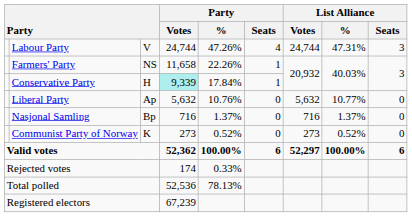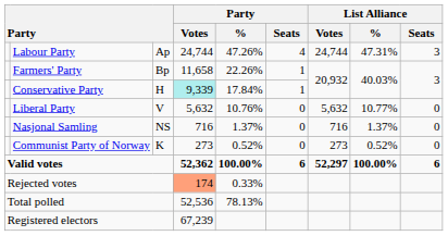 <table class="wikitable" border="1" style="text-align:right;">
 <tr>
 <th style="text-align:left;" valign=bottom rowspan=2 colspan=3>Party</th>
 <th colspan=3>Party</th>
 <th colspan=3>List Alliance</th>
 </tr>
 <tr>
 <th align=center valign=bottom width="50">Votes</th>
 <th align=center valign=bottom width="50">%</th>
 <th align=center valign=bottom width="50">Seats</th>
 <th align=center valign=bottom width="50">Votes</th>
 <th align=center valign=bottom width="50">%</th>
 <th align=center valign=bottom width="50">Seats</th>
 </tr>
 <tr>
 <td style="color:inherit;background:"></td>
 <td align=left><a href='#'>Labour Party</a></td>
-<td align=left>V</td>
+<td align=left>Ap</td>
 <td>24,744</td>
 <td>47.26%</td>
 <td>4</td>
 <td>24,744</td>
 <td>47.31%</td>
 <td>3</td>
 </tr>
 <tr>
 <td style="color:inherit;background:"></td>
 <td align=left><a href='#'>Farmers' Party</a></td>
-<td align=left>NS</td>
+<td align=left>Bp</td>
 <td>11,658</td>
 <td>22.26%</td>
 <td>1</td>
 <td rowspan=2>20,932</td>
 <td rowspan=2>40.03%</td>
 <td rowspan=2>3</td>
 </tr>
 <tr>
 <td style="color:inherit;background:"></td>
 <td align=left><a href='#'>Conservative Party</a></td>
 <td align=left>H</td>
 <td style="background: paleturquoise;">9,339</td>
 <td>17.84%</td>
 <td>1</td>
 </tr>
 <tr>
 <td style="color:inherit;background:"></td>
 <td align=left><a href='#'>Liberal Party</a></td>
-<td align=left>Ap</td>
+<td align=left>V</td>
 <td>5,632</td>
 <td>10.76%</td>
 <td>0</td>
 <td>5,632</td>
 <td>10.77%</td>
 <td>0</td>
 </tr>
 <tr>
 <td style="color:inherit;background:"></td>
 <td align=left><a href='#'>Nasjonal Samling</a></td>
-<td align=left>Bp</td>
+<td align=left>NS</td>
 <td>716</td>
 <td>1.37%</td>
 <td>0</td>
 <td>716</td>
 <td>1.37%</td>
 <td>0</td>
 </tr>
 <tr>
 <td style="color:inherit;background:"></td>
 <td align=left><a href='#'>Communist Party of Norway</a></td>
 <td align=left>K</td>
 <td>273</td>
 <td>0.52%</td>
 <td>0</td>
 <td>273</td>
 <td>0.52%</td>
 <td>0</td>
 </tr>
 <tr style="font-weight:bold">
 <td align=left colspan=3>Valid votes</td>
 <td>52,362</td>
 <td>100.00%</td>
 <td>6</td>
 <td>52,297</td>
 <td>100.00%</td>
 <td>6</td>
 </tr>
 <tr>
 <td align=left colspan=3>Rejected votes</td>
-<td>174</td>
+<td style="background: lightsalmon;">174</td>
 <td>0.33%</td>
 <td></td>
 <td></td>
 <td></td>
 <td></td>
 </tr>
 <tr>
 <td align=left colspan=3>Total polled</td>
 <td>52,536</td>
 <td>78.13%</td>
 <td></td>
 <td></td>
 <td></td>
 <td></td>
 </tr>
 <tr>
 <td align=left colspan=3>Registered electors</td>
 <td>67,239</td>
 <td></td>
 <td></td>
 <td></td>
 <td></td>
 <td></td>
 </tr>
 </table>
